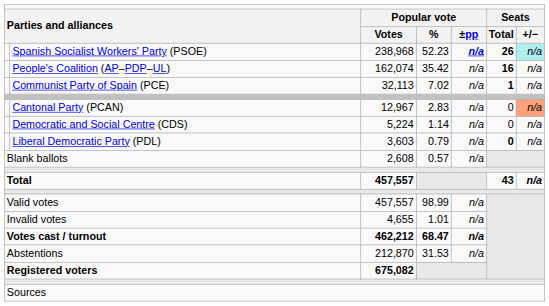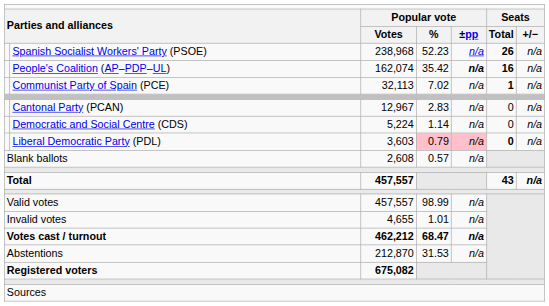 <table class="wikitable" style="text-align:right;">
 <tr>
 <td colspan="7"></td>
 </tr>
 <tr>
 <th style="text-align:left;" rowspan="2" colspan="2" width="525">Parties and alliances</th>
 <th colspan="3">Popular vote</th>
 <th colspan="2">Seats</th>
 </tr>
 <tr>
 <th width="75">Votes</th>
 <th width="45">%</th>
 <th width="45">±<a href='#'>pp</a></th>
 <th width="35">Total</th>
 <th width="35">+/−</th>
 </tr>
 <tr>
 <td width="1" style="color:inherit;background:"></td>
 <td align="left"><a href='#'>Spanish Socialist Workers' Party</a> (PSOE)</td>
 <td>238,968</td>
 <td>52.23</td>
-<td><strong><em><a href='#'>n/a</a></em></strong></td>
+<td><em><a href='#'>n/a</a></em></td>
 <td><strong>26</strong></td>
-<td style="background: paleturquoise;"><em>n/a</em></td>
+<td><em>n/a</em></td>
 </tr>
 <tr>
 <td style="color:inherit;background:"></td>
 <td align="left"><a href='#'>People's Coalition</a> (<a href='#'>AP</a>–<a href='#'>PDP</a>–<a href='#'>UL</a>)</td>
 <td>162,074</td>
 <td>35.42</td>
-<td><em>n/a</em></td>
+<td><strong><em>n/a</em></strong></td>
 <td><strong>16</strong></td>
 <td><em>n/a</em></td>
 </tr>
 <tr>
 <td style="color:inherit;background:"></td>
 <td align="left"><a href='#'>Communist Party of Spain</a> (PCE)</td>
 <td>32,113</td>
 <td>7.02</td>
 <td><em>n/a</em></td>
 <td><strong>1</strong></td>
 <td><em>n/a</em></td>
 </tr>
 <tr>
 <td colspan="7" bgcolor="#C0C0C0"></td>
 </tr>
 <tr>
 <td style="color:inherit;background:"></td>
 <td align="left"><a href='#'>Cantonal Party</a> (PCAN)</td>
 <td>12,967</td>
 <td>2.83</td>
 <td><em>n/a</em></td>
 <td>0</td>
-<td style="background: lightsalmon;"><em>n/a</em></td>
+<td><em>n/a</em></td>
 </tr>
 <tr>
 <td style="color:inherit;background:"></td>
 <td align="left"><a href='#'>Democratic and Social Centre</a> (CDS)</td>
 <td>5,224</td>
 <td>1.14</td>
 <td><em>n/a</em></td>
 <td>0</td>
 <td><em>n/a</em></td>
 </tr>
 <tr>
 <td style="color:inherit;background:"></td>
 <td align="left"><a href='#'>Liberal Democratic Party</a> (PDL)</td>
 <td>3,603</td>
-<td>0.79</td>
-<td><em>n/a</em></td>
+<td style="background: pink;">0.79</td>
+<td style="background: pink;"><em>n/a</em></td>
 <td><strong>0</strong></td>
 <td><em>n/a</em></td>
 </tr>
 <tr>
 <td align="left" colspan="2">Blank ballots</td>
 <td>2,608</td>
 <td>0.57</td>
 <td><em>n/a</em></td>
 <td bgcolor="#E9E9E9" colspan="2"></td>
 </tr>
 <tr>
 <td colspan="7" bgcolor="#E9E9E9"></td>
 </tr>
 <tr style="font-weight:bold;">
 <td align="left" colspan="2">Total</td>
 <td>457,557</td>
 <td bgcolor="#E9E9E9" colspan="2"></td>
 <td>43</td>
 <td><em>n/a</em></td>
 </tr>
 <tr>
 <td colspan="7" bgcolor="#E9E9E9"></td>
 </tr>
 <tr>
 <td align="left" colspan="2">Valid votes</td>
 <td>457,557</td>
 <td>98.99</td>
 <td><em>n/a</em></td>
 <td bgcolor="#E9E9E9" colspan="2" rowspan="5"></td>
 </tr>
 <tr>
 <td align="left" colspan="2">Invalid votes</td>
 <td>4,655</td>
 <td>1.01</td>
 <td><em>n/a</em></td>
 </tr>
 <tr style="font-weight:bold;">
 <td align="left" colspan="2">Votes cast / turnout</td>
 <td>462,212</td>
 <td>68.47</td>
 <td><em>n/a</em></td>
 </tr>
 <tr>
 <td align="left" colspan="2">Abstentions</td>
 <td>212,870</td>
 <td>31.53</td>
 <td><em>n/a</em></td>
 </tr>
 <tr style="font-weight:bold;">
 <td align="left" colspan="2">Registered voters</td>
 <td>675,082</td>
 <td bgcolor="#E9E9E9" colspan="2"></td>
 </tr>
 <tr>
 <td colspan="7" bgcolor="#E9E9E9"></td>
 </tr>
 <tr>
 <td align="left" colspan="7">Sources</td>
 </tr>
 </table>
